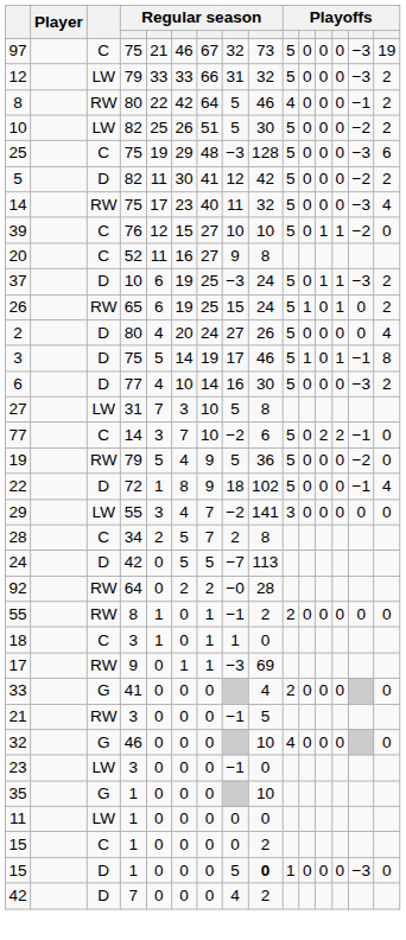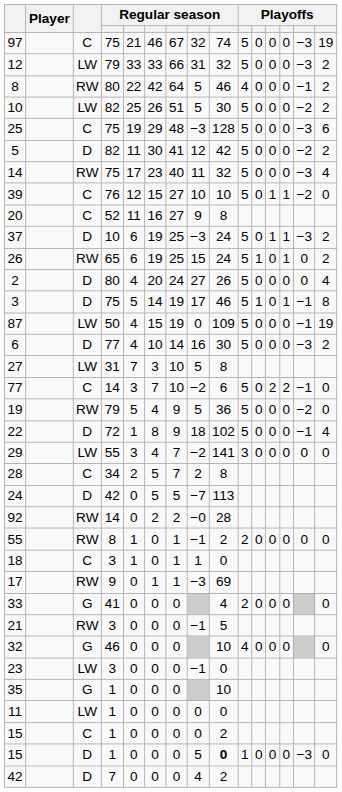 <table class="wikitable sortable plainrowheaders" style="text-align:center;">
 <tr>
 <th scope="col" data-sort-type="number" rowspan="2"></th>
 <th scope="col" rowspan="2">Player</th>
 <th scope="col" rowspan="2"></th>
 <th scope=colgroup colspan=6>Regular season</th>
 <th scope=colgroup colspan=6>Playoffs</th>
 </tr>
 <tr>
 <th scope="col" data-sort-type="number"></th>
 <th scope="col" data-sort-type="number"></th>
 <th scope="col" data-sort-type="number"></th>
 <th scope="col" data-sort-type="number"></th>
 <th scope="col" data-sort-type="number"></th>
 <th scope="col" data-sort-type="number"></th>
 <th scope="col" data-sort-type="number"></th>
 <th scope="col" data-sort-type="number"></th>
 <th scope="col" data-sort-type="number"></th>
 <th scope="col" data-sort-type="number"></th>
 <th scope="col" data-sort-type="number"></th>
 <th scope="col" data-sort-type="number"></th>
 </tr>
 <tr>
 <td scope="row">97</td>
 <td align="left"></td>
 <td>C</td>
 <td>75</td>
 <td>21</td>
 <td>46</td>
 <td>67</td>
 <td>32</td>
-<td>73</td>
+<td>74</td>
 <td>5</td>
 <td>0</td>
 <td>0</td>
 <td>0</td>
 <td>−3</td>
 <td>19</td>
 </tr>
 <tr>
 <td scope="row">12</td>
 <td align="left"></td>
 <td>LW</td>
 <td>79</td>
 <td>33</td>
 <td>33</td>
 <td>66</td>
 <td>31</td>
 <td>32</td>
 <td>5</td>
 <td>0</td>
 <td>0</td>
 <td>0</td>
 <td>−3</td>
 <td>2</td>
 </tr>
 <tr>
 <td scope="row">8</td>
 <td align="left"></td>
 <td>RW</td>
 <td>80</td>
 <td>22</td>
 <td>42</td>
 <td>64</td>
 <td>5</td>
 <td>46</td>
 <td>4</td>
 <td>0</td>
 <td>0</td>
 <td>0</td>
 <td>−1</td>
 <td>2</td>
 </tr>
 <tr>
 <td scope="row">10</td>
 <td align="left"></td>
 <td>LW</td>
 <td>82</td>
 <td>25</td>
 <td>26</td>
 <td>51</td>
 <td>5</td>
 <td>30</td>
 <td>5</td>
 <td>0</td>
 <td>0</td>
 <td>0</td>
 <td>−2</td>
 <td>2</td>
 </tr>
 <tr>
 <td scope="row">25</td>
 <td align="left"></td>
 <td>C</td>
 <td>75</td>
 <td>19</td>
 <td>29</td>
 <td>48</td>
 <td>−3</td>
 <td>128</td>
 <td>5</td>
 <td>0</td>
 <td>0</td>
 <td>0</td>
 <td>−3</td>
 <td>6</td>
 </tr>
 <tr>
 <td scope="row">5</td>
 <td align="left"></td>
 <td>D</td>
 <td>82</td>
 <td>11</td>
 <td>30</td>
 <td>41</td>
 <td>12</td>
 <td>42</td>
 <td>5</td>
 <td>0</td>
 <td>0</td>
 <td>0</td>
 <td>−2</td>
 <td>2</td>
 </tr>
 <tr>
 <td scope="row">14</td>
 <td align="left"></td>
 <td>RW</td>
 <td>75</td>
 <td>17</td>
 <td>23</td>
 <td>40</td>
 <td>11</td>
 <td>32</td>
 <td>5</td>
 <td>0</td>
 <td>0</td>
 <td>0</td>
 <td>−3</td>
 <td>4</td>
 </tr>
 <tr>
 <td scope="row">39</td>
 <td align="left"></td>
 <td>C</td>
 <td>76</td>
 <td>12</td>
 <td>15</td>
 <td>27</td>
 <td>10</td>
 <td>10</td>
 <td>5</td>
 <td>0</td>
 <td>1</td>
 <td>1</td>
 <td>−2</td>
 <td>0</td>
 </tr>
 <tr>
 <td scope="row">20</td>
 <td align="left"></td>
 <td>C</td>
 <td>52</td>
 <td>11</td>
 <td>16</td>
 <td>27</td>
 <td>9</td>
 <td>8</td>
 <td></td>
 <td></td>
 <td></td>
 <td></td>
 <td></td>
 <td></td>
 </tr>
 <tr>
 <td scope="row">37</td>
 <td align="left"></td>
 <td>D</td>
 <td>10</td>
 <td>6</td>
 <td>19</td>
 <td>25</td>
 <td>−3</td>
 <td>24</td>
 <td>5</td>
 <td>0</td>
 <td>1</td>
 <td>1</td>
 <td>−3</td>
 <td>2</td>
 </tr>
 <tr>
 <td scope="row">26</td>
 <td align="left"></td>
 <td>RW</td>
 <td>65</td>
 <td>6</td>
 <td>19</td>
 <td>25</td>
 <td>15</td>
 <td>24</td>
 <td>5</td>
 <td>1</td>
 <td>0</td>
 <td>1</td>
 <td>0</td>
 <td>2</td>
 </tr>
 <tr>
 <td scope="row">2</td>
 <td align="left"></td>
 <td>D</td>
 <td>80</td>
 <td>4</td>
 <td>20</td>
 <td>24</td>
 <td>27</td>
 <td>26</td>
 <td>5</td>
 <td>0</td>
 <td>0</td>
 <td>0</td>
 <td>0</td>
 <td>4</td>
 </tr>
 <tr>
 <td scope="row">3</td>
 <td align="left"></td>
 <td>D</td>
 <td>75</td>
 <td>5</td>
 <td>14</td>
 <td>19</td>
 <td>17</td>
 <td>46</td>
 <td>5</td>
 <td>1</td>
 <td>0</td>
 <td>1</td>
 <td>−1</td>
 <td>8</td>
 </tr>
 <tr>
+<td scope="row">87</td>
+<td align="left"></td>
+<td>LW</td>
+<td>50</td>
+<td>4</td>
+<td>15</td>
+<td>19</td>
+<td>0</td>
+<td>109</td>
+<td>5</td>
+<td>0</td>
+<td>0</td>
+<td>0</td>
+<td>−1</td>
+<td>19</td>
+</tr>
+<tr>
 <td scope="row">6</td>
 <td align="left"></td>
 <td>D</td>
 <td>77</td>
 <td>4</td>
 <td>10</td>
 <td>14</td>
 <td>16</td>
 <td>30</td>
 <td>5</td>
 <td>0</td>
 <td>0</td>
 <td>0</td>
 <td>−3</td>
 <td>2</td>
 </tr>
 <tr>
 <td scope="row">27</td>
 <td align="left"></td>
 <td>LW</td>
 <td>31</td>
 <td>7</td>
 <td>3</td>
 <td>10</td>
 <td>5</td>
 <td>8</td>
 <td></td>
 <td></td>
 <td></td>
 <td></td>
 <td></td>
 <td></td>
 </tr>
 <tr>
 <td scope="row">77</td>
 <td align="left"></td>
 <td>C</td>
 <td>14</td>
 <td>3</td>
 <td>7</td>
 <td>10</td>
 <td>−2</td>
 <td>6</td>
 <td>5</td>
 <td>0</td>
 <td>2</td>
 <td>2</td>
 <td>−1</td>
 <td>0</td>
 </tr>
 <tr>
 <td scope="row">19</td>
 <td align="left"></td>
 <td>RW</td>
 <td>79</td>
 <td>5</td>
 <td>4</td>
 <td>9</td>
 <td>5</td>
 <td>36</td>
 <td>5</td>
 <td>0</td>
 <td>0</td>
 <td>0</td>
 <td>−2</td>
 <td>0</td>
 </tr>
 <tr>
 <td scope="row">22</td>
 <td align="left"></td>
 <td>D</td>
 <td>72</td>
 <td>1</td>
 <td>8</td>
 <td>9</td>
 <td>18</td>
 <td>102</td>
 <td>5</td>
 <td>0</td>
 <td>0</td>
 <td>0</td>
 <td>−1</td>
 <td>4</td>
 </tr>
 <tr>
 <td scope="row">29</td>
 <td align="left"></td>
 <td>LW</td>
 <td>55</td>
 <td>3</td>
 <td>4</td>
 <td>7</td>
 <td>−2</td>
 <td>141</td>
 <td>3</td>
 <td>0</td>
 <td>0</td>
 <td>0</td>
 <td>0</td>
 <td>0</td>
 </tr>
 <tr>
 <td scope="row">28</td>
 <td align="left"></td>
 <td>C</td>
 <td>34</td>
 <td>2</td>
 <td>5</td>
 <td>7</td>
 <td>2</td>
 <td>8</td>
 <td></td>
 <td></td>
 <td></td>
 <td></td>
 <td></td>
 <td></td>
 </tr>
 <tr>
 <td scope="row">24</td>
 <td align="left"></td>
 <td>D</td>
 <td>42</td>
 <td>0</td>
 <td>5</td>
 <td>5</td>
 <td>−7</td>
 <td>113</td>
 <td></td>
 <td></td>
 <td></td>
 <td></td>
 <td></td>
 <td></td>
 </tr>
 <tr>
 <td scope="row">92</td>
 <td align="left"></td>
 <td>RW</td>
-<td>64</td>
+<td>14</td>
 <td>0</td>
 <td>2</td>
 <td>2</td>
 <td>−0</td>
 <td>28</td>
 <td></td>
 <td></td>
 <td></td>
 <td></td>
 <td></td>
 <td></td>
 </tr>
 <tr>
 <td scope="row">55</td>
 <td align="left"></td>
 <td>RW</td>
 <td>8</td>
 <td>1</td>
 <td>0</td>
 <td>1</td>
 <td>−1</td>
 <td>2</td>
 <td>2</td>
 <td>0</td>
 <td>0</td>
 <td>0</td>
 <td>0</td>
 <td>0</td>
 </tr>
 <tr>
 <td scope="row">18</td>
 <td align="left"></td>
 <td>C</td>
 <td>3</td>
 <td>1</td>
 <td>0</td>
 <td>1</td>
 <td>1</td>
 <td>0</td>
 <td></td>
 <td></td>
 <td></td>
 <td></td>
 <td></td>
 <td></td>
 </tr>
 <tr>
 <td scope="row">17</td>
 <td align="left"></td>
 <td>RW</td>
 <td>9</td>
 <td>0</td>
 <td>1</td>
 <td>1</td>
 <td>−3</td>
 <td>69</td>
 <td></td>
 <td></td>
 <td></td>
 <td></td>
 <td></td>
 <td></td>
 </tr>
 <tr>
 <td scope="row">33</td>
 <td align="left"></td>
 <td>G</td>
 <td>41</td>
 <td>0</td>
 <td>0</td>
 <td>0</td>
 <td style="background:#ccc"></td>
 <td>4</td>
 <td>2</td>
 <td>0</td>
 <td>0</td>
 <td>0</td>
 <td style="background:#ccc"></td>
 <td>0</td>
 </tr>
 <tr>
 <td scope="row">21</td>
 <td align="left"></td>
 <td>RW</td>
 <td>3</td>
 <td>0</td>
 <td>0</td>
 <td>0</td>
 <td>−1</td>
 <td>5</td>
 <td></td>
 <td></td>
 <td></td>
 <td></td>
 <td></td>
 <td></td>
 </tr>
 <tr>
 <td scope="row">32</td>
 <td align="left"></td>
 <td>G</td>
 <td>46</td>
 <td>0</td>
 <td>0</td>
 <td>0</td>
 <td style="background:#ccc"></td>
 <td>10</td>
 <td>4</td>
 <td>0</td>
 <td>0</td>
 <td>0</td>
 <td style="background:#ccc"></td>
 <td>0</td>
 </tr>
 <tr>
 <td scope="row">23</td>
 <td align="left"></td>
 <td>LW</td>
 <td>3</td>
 <td>0</td>
 <td>0</td>
 <td>0</td>
 <td>−1</td>
 <td>0</td>
 <td></td>
 <td></td>
 <td></td>
 <td></td>
 <td></td>
 <td></td>
 </tr>
 <tr>
 <td scope="row">35</td>
 <td align="left"></td>
 <td>G</td>
 <td>1</td>
 <td>0</td>
 <td>0</td>
 <td>0</td>
 <td style="background:#ccc"></td>
 <td>10</td>
 <td></td>
 <td></td>
 <td></td>
 <td></td>
 <td></td>
 <td></td>
 </tr>
 <tr>
 <td scope="row">11</td>
 <td align="left"></td>
 <td>LW</td>
 <td>1</td>
 <td>0</td>
 <td>0</td>
 <td>0</td>
 <td>0</td>
 <td>0</td>
 <td></td>
 <td></td>
 <td></td>
 <td></td>
 <td></td>
 <td></td>
 </tr>
 <tr>
 <td scope="row">15</td>
 <td align="left"></td>
 <td>C</td>
 <td>1</td>
 <td>0</td>
 <td>0</td>
 <td>0</td>
 <td>0</td>
 <td>2</td>
 <td></td>
 <td></td>
 <td></td>
 <td></td>
 <td></td>
 <td></td>
 </tr>
 <tr>
 <td scope="row">15</td>
 <td align="left"></td>
 <td>D</td>
 <td>1</td>
 <td>0</td>
 <td>0</td>
 <td>0</td>
 <td>5</td>
 <td><strong>0</strong></td>
 <td>1</td>
 <td>0</td>
 <td>0</td>
 <td>0</td>
 <td>−3</td>
 <td>0</td>
 </tr>
 <tr>
 <td scope="row">42</td>
 <td align="left"></td>
 <td>D</td>
 <td>7</td>
 <td>0</td>
 <td>0</td>
 <td>0</td>
 <td>4</td>
 <td>2</td>
 <td></td>
 <td></td>
 <td></td>
 <td></td>
 <td></td>
 <td></td>
 </tr>
 </table>
